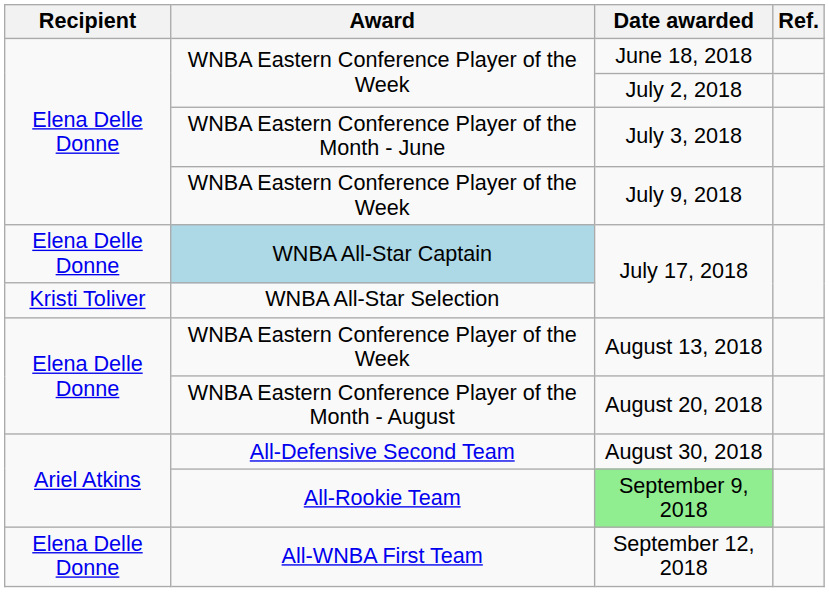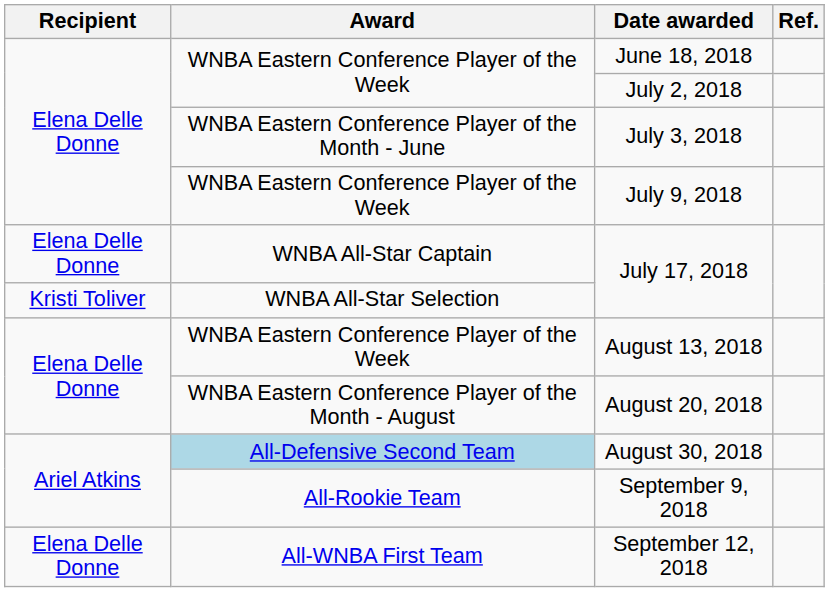 <table class="wikitable sortable sortable" style="text-align: center">
 <tr>
 <th>Recipient</th>
 <th>Award</th>
 <th>Date awarded</th>
 <th>Ref.</th>
 </tr>
 <tr>
 <td rowspan="4"><a href='#'>Elena Delle Donne</a></td>
 <td rowspan="2">WNBA Eastern Conference Player of the Week</td>
 <td>June 18, 2018</td>
 <td></td>
 </tr>
 <tr>
 <td>July 2, 2018</td>
 <td></td>
 </tr>
 <tr>
 <td>WNBA Eastern Conference Player of the Month - June</td>
 <td>July 3, 2018</td>
 <td></td>
 </tr>
 <tr>
 <td>WNBA Eastern Conference Player of the Week</td>
 <td>July 9, 2018</td>
 <td></td>
 </tr>
 <tr>
 <td><a href='#'>Elena Delle Donne</a></td>
-<td style="background: lightblue;">WNBA All-Star Captain</td>
+<td>WNBA All-Star Captain</td>
 <td rowspan="2">July 17, 2018</td>
 <td rowspan="2"></td>
 </tr>
 <tr>
 <td><a href='#'>Kristi Toliver</a></td>
 <td>WNBA All-Star Selection</td>
 </tr>
 <tr>
 <td rowspan=2><a href='#'>Elena Delle Donne</a></td>
 <td>WNBA Eastern Conference Player of the Week</td>
 <td>August 13, 2018</td>
 <td></td>
 </tr>
 <tr>
 <td>WNBA Eastern Conference Player of the Month - August</td>
 <td>August 20, 2018</td>
 <td></td>
 </tr>
 <tr>
 <td rowspan=2><a href='#'>Ariel Atkins</a></td>
-<td><a href='#'>All-Defensive Second Team</a></td>
+<td style="background: lightblue;"><a href='#'>All-Defensive Second Team</a></td>
 <td>August 30, 2018</td>
 <td></td>
 </tr>
 <tr>
 <td><a href='#'>All-Rookie Team</a></td>
-<td style="background: lightgreen;">September 9, 2018</td>
+<td>September 9, 2018</td>
 <td></td>
 </tr>
 <tr>
 <td><a href='#'>Elena Delle Donne</a></td>
 <td><a href='#'>All-WNBA First Team</a></td>
 <td>September 12, 2018</td>
 <td></td>
 </tr>
 </table>
